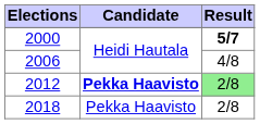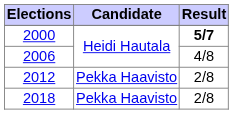 <table class="toccolours" border=1 cellspacing=0 cellpadding=2 style="text-align:center; border-collapse:collapse;">
 <tr style="background:#ccccff">
 <th>Elections</th>
 <th>Candidate</th>
 <th>Result</th>
 </tr>
 <tr style="background:#ccccff">
 </tr>
 <tr>
 <td><a href='#'>2000</a></td>
 <td rowspan=2><a href='#'>Heidi Hautala</a></td>
 <td><strong>5/7</strong></td>
 </tr>
 <tr>
 <td><a href='#'>2006</a></td>
 <td>4/8</td>
 </tr>
 <tr>
 <td><a href='#'>2012</a></td>
-<td rowspan=1><strong><a href='#'>Pekka Haavisto</a></strong></td>
-<td style="background: lightgreen;">2/8</td>
+<td rowspan=1><a href='#'>Pekka Haavisto</a></td>
+<td>2/8</td>
 </tr>
 <tr>
 <td><a href='#'>2018</a></td>
 <td rowspan=1><a href='#'>Pekka Haavisto</a></td>
 <td>2/8</td>
 </tr>
 </table>
